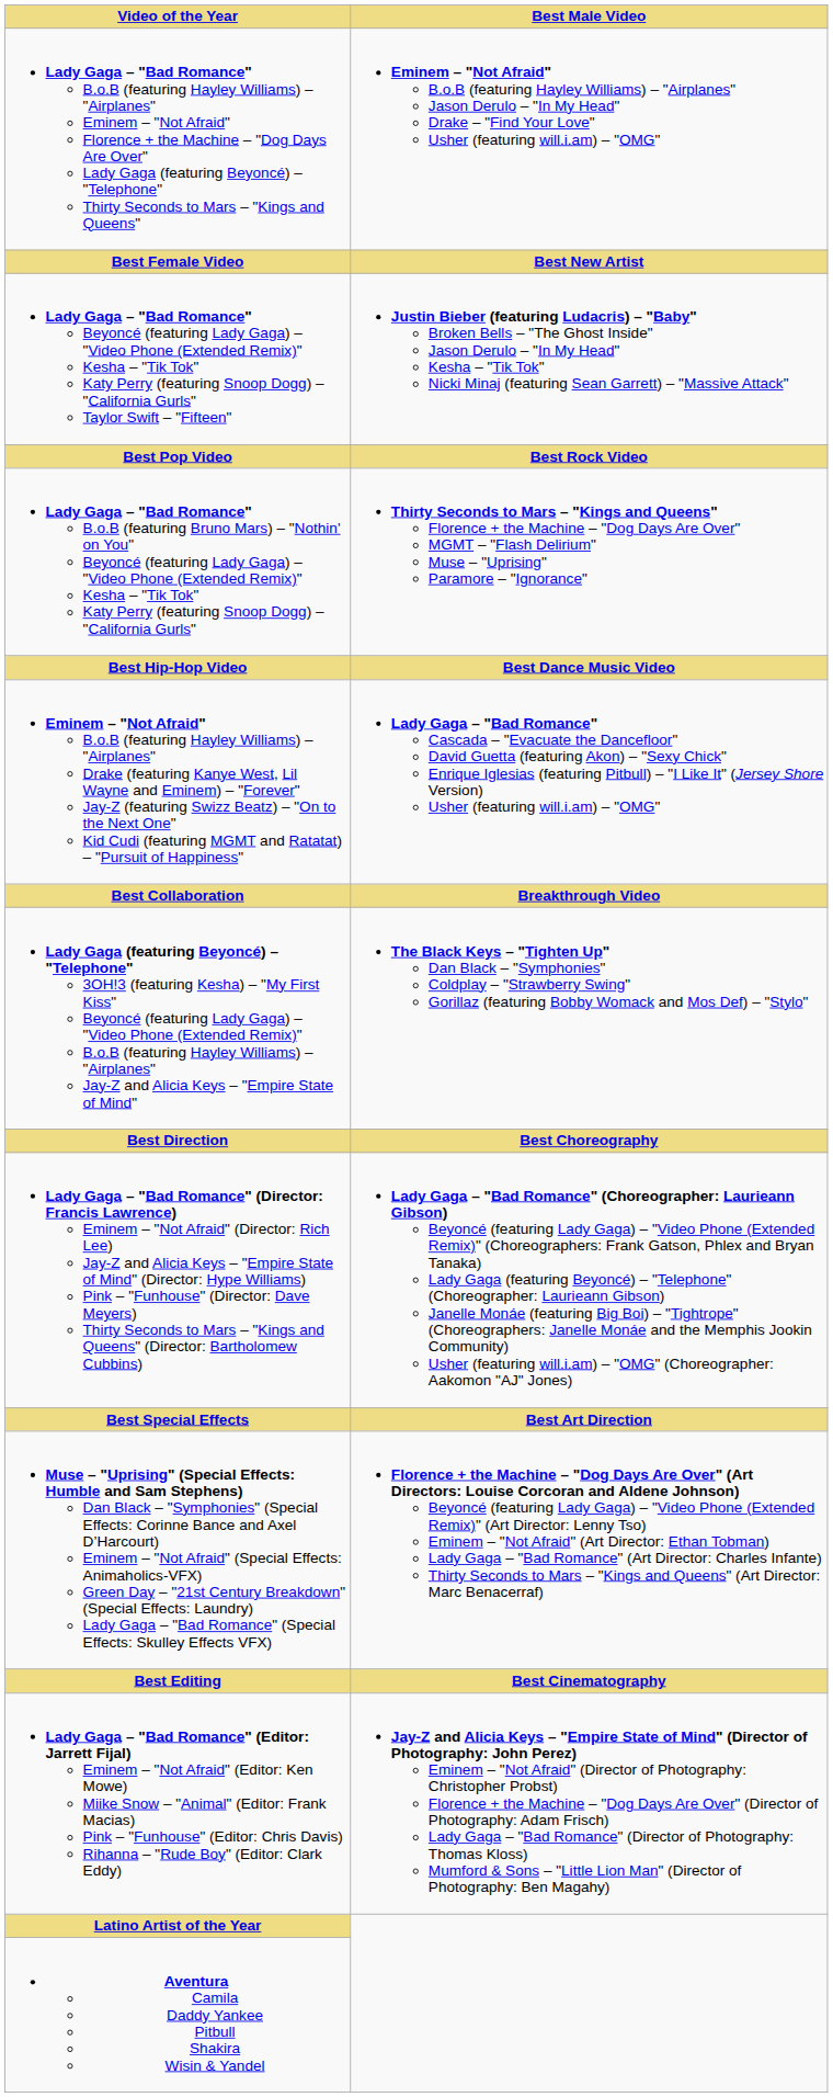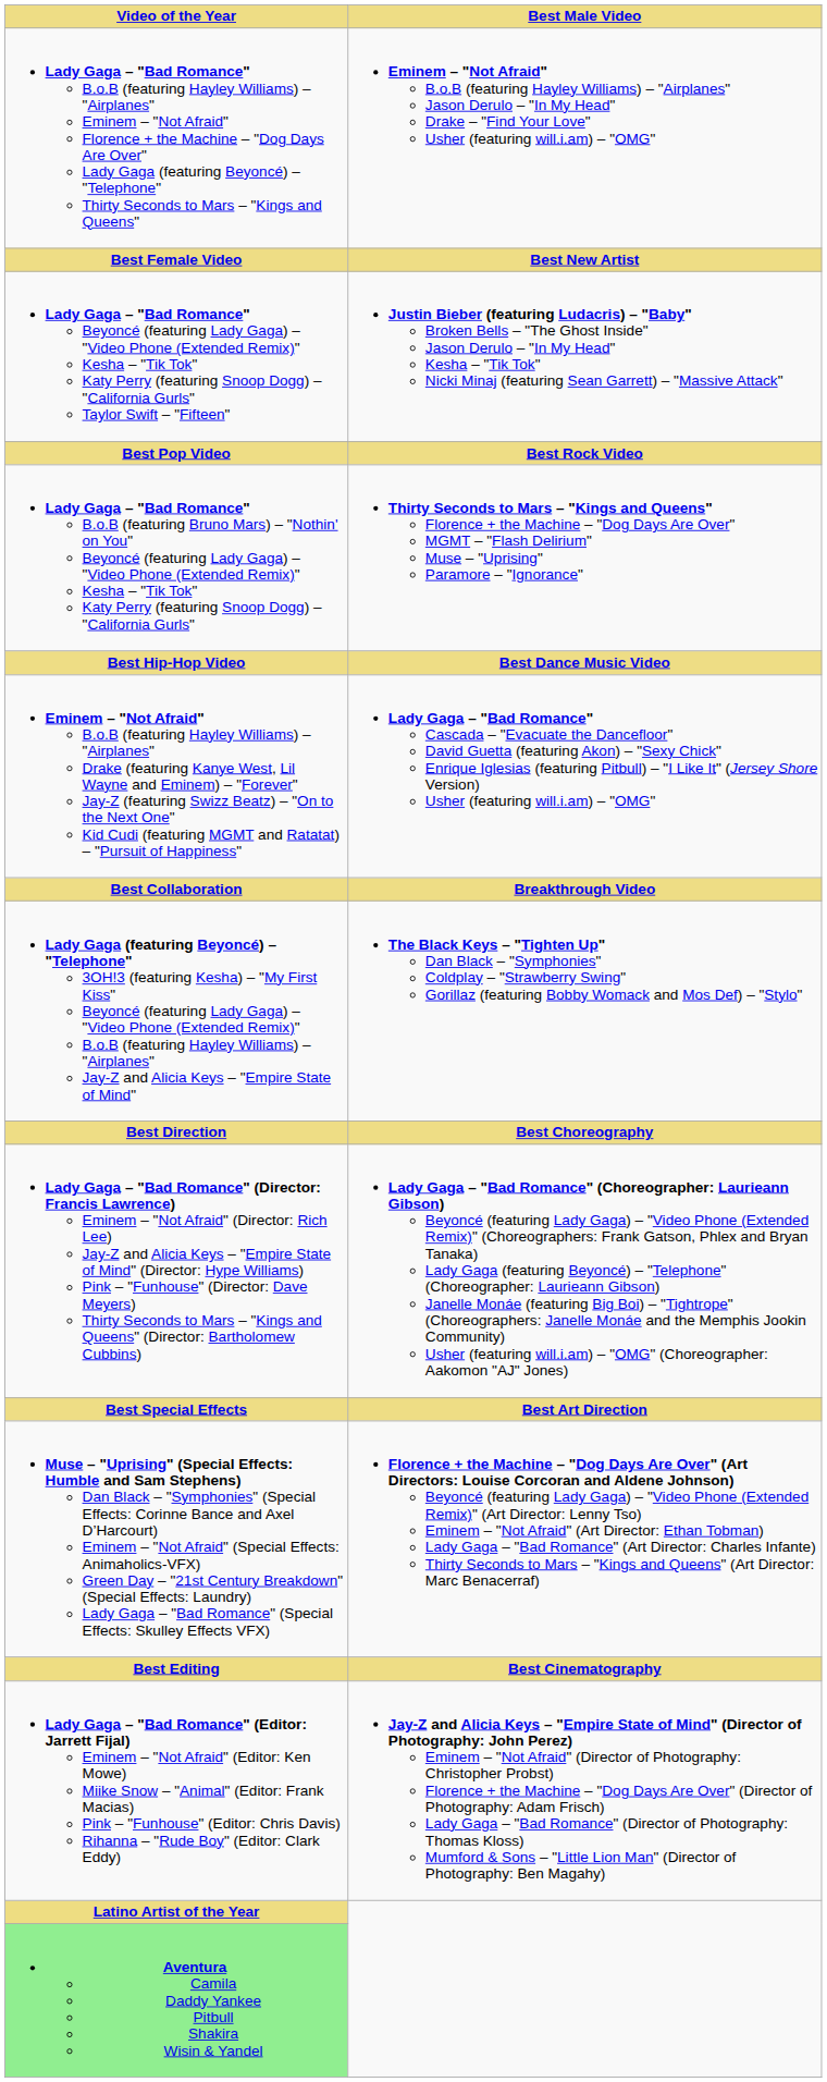 <table class=wikitable style="width:100%">
 <tr>
 <th style="background:#EEDD85; width=50%"><a href='#'>Video of the Year</a></th>
 <th style="background:#EEDD85; width=50%"><a href='#'>Best Male Video</a></th>
 </tr>
 <tr>
 <td valign="top"><br><ul><li><strong><a href='#'>Lady Gaga</a> – "<a href='#'>Bad Romance</a>"</strong><ul><li><a href='#'>B.o.B</a> (featuring <a href='#'>Hayley Williams</a>) – "<a href='#'>Airplanes</a>"</li><li><a href='#'>Eminem</a> – "<a href='#'>Not Afraid</a>"</li><li><a href='#'>Florence + the Machine</a> – "<a href='#'>Dog Days Are Over</a>"</li><li><a href='#'>Lady Gaga</a> (featuring <a href='#'>Beyoncé</a>) – "<a href='#'>Telephone</a>"</li><li><a href='#'>Thirty Seconds to Mars</a> – "<a href='#'>Kings and Queens</a>"</li></ul></li></ul></td>
 <td valign="top"><br><ul><li><strong><a href='#'>Eminem</a> – "<a href='#'>Not Afraid</a>"</strong><ul><li><a href='#'>B.o.B</a> (featuring <a href='#'>Hayley Williams</a>) – "<a href='#'>Airplanes</a>"</li><li><a href='#'>Jason Derulo</a> – "<a href='#'>In My Head</a>"</li><li><a href='#'>Drake</a> – "<a href='#'>Find Your Love</a>"</li><li><a href='#'>Usher</a> (featuring <a href='#'>will.i.am</a>) – "<a href='#'>OMG</a>"</li></ul></li></ul></td>
 </tr>
 <tr>
 <th style="background:#EEDD85; width=50%"><a href='#'>Best Female Video</a></th>
 <th style="background:#EEDD85; width=50%"><a href='#'>Best New Artist</a></th>
 </tr>
 <tr>
 <td valign="top"><br><ul><li><strong><a href='#'>Lady Gaga</a> – "<a href='#'>Bad Romance</a>"</strong><ul><li><a href='#'>Beyoncé</a> (featuring <a href='#'>Lady Gaga</a>) – "<a href='#'>Video Phone (Extended Remix)</a>"</li><li><a href='#'>Kesha</a> – "<a href='#'>Tik Tok</a>"</li><li><a href='#'>Katy Perry</a> (featuring <a href='#'>Snoop Dogg</a>) – "<a href='#'>California Gurls</a>"</li><li><a href='#'>Taylor Swift</a> – "<a href='#'>Fifteen</a>"</li></ul></li></ul></td>
 <td valign="top"><br><ul><li><strong><a href='#'>Justin Bieber</a> (featuring <a href='#'>Ludacris</a>) – "<a href='#'>Baby</a>"</strong><ul><li><a href='#'>Broken Bells</a> – "The Ghost Inside"</li><li><a href='#'>Jason Derulo</a> – "<a href='#'>In My Head</a>"</li><li><a href='#'>Kesha</a> – "<a href='#'>Tik Tok</a>"</li><li><a href='#'>Nicki Minaj</a> (featuring <a href='#'>Sean Garrett</a>) – "<a href='#'>Massive Attack</a>"</li></ul></li></ul></td>
 </tr>
 <tr>
 <th style="background:#EEDD85; width=50%"><a href='#'>Best Pop Video</a></th>
 <th style="background:#EEDD85; width=50%"><a href='#'>Best Rock Video</a></th>
 </tr>
 <tr>
 <td valign="top"><br><ul><li><strong><a href='#'>Lady Gaga</a> – "<a href='#'>Bad Romance</a>"</strong><ul><li><a href='#'>B.o.B</a> (featuring <a href='#'>Bruno Mars</a>) – "<a href='#'>Nothin' on You</a>"</li><li><a href='#'>Beyoncé</a> (featuring <a href='#'>Lady Gaga</a>) – "<a href='#'>Video Phone (Extended Remix)</a>"</li><li><a href='#'>Kesha</a> – "<a href='#'>Tik Tok</a>"</li><li><a href='#'>Katy Perry</a> (featuring <a href='#'>Snoop Dogg</a>) – "<a href='#'>California Gurls</a>"</li></ul></li></ul></td>
 <td valign="top"><br><ul><li><strong><a href='#'>Thirty Seconds to Mars</a> – "<a href='#'>Kings and Queens</a>"</strong><ul><li><a href='#'>Florence + the Machine</a> – "<a href='#'>Dog Days Are Over</a>"</li><li><a href='#'>MGMT</a> – "<a href='#'>Flash Delirium</a>"</li><li><a href='#'>Muse</a> – "<a href='#'>Uprising</a>"</li><li><a href='#'>Paramore</a> – "<a href='#'>Ignorance</a>"</li></ul></li></ul></td>
 </tr>
 <tr>
 <th style="background:#EEDD85; width=50%"><a href='#'>Best Hip-Hop Video</a></th>
 <th style="background:#EEDD85; width=50%"><a href='#'>Best Dance Music Video</a></th>
 </tr>
 <tr>
 <td valign="top"><br><ul><li><strong><a href='#'>Eminem</a> – "<a href='#'>Not Afraid</a>"</strong><ul><li><a href='#'>B.o.B</a> (featuring <a href='#'>Hayley Williams</a>) – "<a href='#'>Airplanes</a>"</li><li><a href='#'>Drake</a> (featuring <a href='#'>Kanye West</a>, <a href='#'>Lil Wayne</a> and <a href='#'>Eminem</a>) – "<a href='#'>Forever</a>"</li><li><a href='#'>Jay-Z</a> (featuring <a href='#'>Swizz Beatz</a>) – "<a href='#'>On to the Next One</a>"</li><li><a href='#'>Kid Cudi</a> (featuring <a href='#'>MGMT</a> and <a href='#'>Ratatat</a>) – "<a href='#'>Pursuit of Happiness</a>"</li></ul></li></ul></td>
 <td valign="top"><br><ul><li><strong><a href='#'>Lady Gaga</a> – "<a href='#'>Bad Romance</a>"</strong><ul><li><a href='#'>Cascada</a> – "<a href='#'>Evacuate the Dancefloor</a>"</li><li><a href='#'>David Guetta</a> (featuring <a href='#'>Akon</a>) – "<a href='#'>Sexy Chick</a>"</li><li><a href='#'>Enrique Iglesias</a> (featuring <a href='#'>Pitbull</a>) – "<a href='#'>I Like It</a>" (<em><a href='#'>Jersey Shore</a></em> Version)</li><li><a href='#'>Usher</a> (featuring <a href='#'>will.i.am</a>) – "<a href='#'>OMG</a>"</li></ul></li></ul></td>
 </tr>
 <tr>
 <th style="background:#EEDD85; width=50%"><a href='#'>Best Collaboration</a></th>
 <th style="background:#EEDD85; width=50%"><a href='#'>Breakthrough Video</a></th>
 </tr>
 <tr>
 <td valign="top"><br><ul><li><strong> <a href='#'>Lady Gaga</a> (featuring <a href='#'>Beyoncé</a>) – "<a href='#'>Telephone</a>"</strong><ul><li><a href='#'>3OH!3</a> (featuring <a href='#'>Kesha</a>) – "<a href='#'>My First Kiss</a>"</li><li><a href='#'>Beyoncé</a> (featuring <a href='#'>Lady Gaga</a>) – "<a href='#'>Video Phone (Extended Remix)</a>"</li><li><a href='#'>B.o.B</a> (featuring <a href='#'>Hayley Williams</a>) – "<a href='#'>Airplanes</a>"</li><li><a href='#'>Jay-Z</a> and <a href='#'>Alicia Keys</a> – "<a href='#'>Empire State of Mind</a>"</li></ul></li></ul></td>
 <td valign="top"><br><ul><li><strong><a href='#'>The Black Keys</a> – "<a href='#'>Tighten Up</a>"</strong><ul><li><a href='#'>Dan Black</a> – "<a href='#'>Symphonies</a>"</li><li><a href='#'>Coldplay</a> – "<a href='#'>Strawberry Swing</a>"</li><li><a href='#'>Gorillaz</a> (featuring <a href='#'>Bobby Womack</a> and <a href='#'>Mos Def</a>) – "<a href='#'>Stylo</a>"</li></ul></li></ul></td>
 </tr>
 <tr>
 <th style="background:#EEDD85; width=50%"><a href='#'>Best Direction</a></th>
 <th style="background:#EEDD85; width=50%"><a href='#'>Best Choreography</a></th>
 </tr>
 <tr>
 <td valign="top"><br><ul><li><strong><a href='#'>Lady Gaga</a> – "<a href='#'>Bad Romance</a>" (Director: <a href='#'>Francis Lawrence</a>)</strong><ul><li><a href='#'>Eminem</a> – "<a href='#'>Not Afraid</a>" (Director: <a href='#'>Rich Lee</a>)</li><li><a href='#'>Jay-Z</a> and <a href='#'>Alicia Keys</a> – "<a href='#'>Empire State of Mind</a>" (Director: <a href='#'>Hype Williams</a>)</li><li><a href='#'>Pink</a> – "<a href='#'>Funhouse</a>" (Director: <a href='#'>Dave Meyers</a>)</li><li><a href='#'>Thirty Seconds to Mars</a> – "<a href='#'>Kings and Queens</a>" (Director: <a href='#'>Bartholomew Cubbins</a>)</li></ul></li></ul></td>
 <td valign="top"><br><ul><li><strong><a href='#'>Lady Gaga</a> – "<a href='#'>Bad Romance</a>" (Choreographer: <a href='#'>Laurieann Gibson</a>)</strong><ul><li><a href='#'>Beyoncé</a> (featuring <a href='#'>Lady Gaga</a>) – "<a href='#'>Video Phone (Extended Remix)</a>" (Choreographers: Frank Gatson, Phlex and Bryan Tanaka)</li><li><a href='#'>Lady Gaga</a> (featuring <a href='#'>Beyoncé</a>) – "<a href='#'>Telephone</a>" (Choreographer: <a href='#'>Laurieann Gibson</a>)</li><li><a href='#'>Janelle Monáe</a> (featuring <a href='#'>Big Boi</a>) – "<a href='#'>Tightrope</a>" (Choreographers: <a href='#'>Janelle Monáe</a> and the Memphis Jookin Community)</li><li><a href='#'>Usher</a> (featuring <a href='#'>will.i.am</a>) – "<a href='#'>OMG</a>" (Choreographer: Aakomon "AJ" Jones)</li></ul></li></ul></td>
 </tr>
 <tr>
 <th style="background:#EEDD85; width=50%"><a href='#'>Best Special Effects</a></th>
 <th style="background:#EEDD85; width=50%"><a href='#'>Best Art Direction</a></th>
 </tr>
 <tr>
 <td valign="top"><br><ul><li><strong><a href='#'>Muse</a> – "<a href='#'>Uprising</a>" (Special Effects: <a href='#'>Humble</a> and Sam Stephens)</strong><ul><li><a href='#'>Dan Black</a> – "<a href='#'>Symphonies</a>" (Special Effects: Corinne Bance and Axel D’Harcourt)</li><li><a href='#'>Eminem</a> – "<a href='#'>Not Afraid</a>" (Special Effects: Animaholics-VFX)</li><li><a href='#'>Green Day</a> – "<a href='#'>21st Century Breakdown</a>" (Special Effects: Laundry)</li><li><a href='#'>Lady Gaga</a> – "<a href='#'>Bad Romance</a>" (Special Effects: Skulley Effects VFX)</li></ul></li></ul></td>
 <td valign="top"><br><ul><li><strong><a href='#'>Florence + the Machine</a> – "<a href='#'>Dog Days Are Over</a>" (Art Directors: Louise Corcoran and Aldene Johnson)</strong><ul><li><a href='#'>Beyoncé</a> (featuring <a href='#'>Lady Gaga</a>) – "<a href='#'>Video Phone (Extended Remix)</a>" (Art Director: Lenny Tso)</li><li><a href='#'>Eminem</a> – "<a href='#'>Not Afraid</a>" (Art Director: <a href='#'>Ethan Tobman</a>)</li><li><a href='#'>Lady Gaga</a> – "<a href='#'>Bad Romance</a>" (Art Director: Charles Infante)</li><li><a href='#'>Thirty Seconds to Mars</a> – "<a href='#'>Kings and Queens</a>" (Art Director: Marc Benacerraf)</li></ul></li></ul></td>
 </tr>
 <tr>
 <th style="background:#EEDD82; width=50%"><a href='#'>Best Editing</a></th>
 <th style="background:#EEDD85; width=50%"><a href='#'>Best Cinematography</a></th>
 </tr>
 <tr>
 <td valign="top"><br><ul><li><strong><a href='#'>Lady Gaga</a> – "<a href='#'>Bad Romance</a>" (Editor: Jarrett Fijal)</strong><ul><li><a href='#'>Eminem</a> – "<a href='#'>Not Afraid</a>" (Editor: Ken Mowe)</li><li><a href='#'>Miike Snow</a> – "<a href='#'>Animal</a>" (Editor: Frank Macias)</li><li><a href='#'>Pink</a> – "<a href='#'>Funhouse</a>" (Editor: Chris Davis)</li><li><a href='#'>Rihanna</a> – "<a href='#'>Rude Boy</a>" (Editor: Clark Eddy)</li></ul></li></ul></td>
 <td valign="top"><br><ul><li><strong><a href='#'>Jay-Z</a> and <a href='#'>Alicia Keys</a> – "<a href='#'>Empire State of Mind</a>" (Director of Photography: John Perez)</strong><ul><li><a href='#'>Eminem</a> – "<a href='#'>Not Afraid</a>" (Director of Photography: Christopher Probst)</li><li><a href='#'>Florence + the Machine</a> – "<a href='#'>Dog Days Are Over</a>" (Director of Photography: Adam Frisch)</li><li><a href='#'>Lady Gaga</a> – "<a href='#'>Bad Romance</a>" (Director of Photography: Thomas Kloss)</li><li><a href='#'>Mumford & Sons</a> – "<a href='#'>Little Lion Man</a>" (Director of Photography: Ben Magahy)</li></ul></li></ul></td>
 </tr>
 <tr>
 <th style="background:#EEDD82; width=50%"><a href='#'>Latino Artist of the Year</a></th>
 </tr>
 <tr>
-<td scope="row" style="text-align: center;"><br><ul><li><strong><a href='#'>Aventura</a></strong><ul><li><a href='#'>Camila</a></li><li><a href='#'>Daddy Yankee</a></li><li><a href='#'>Pitbull</a></li><li><a href='#'>Shakira</a></li><li><a href='#'>Wisin & Yandel</a></li></ul></li></ul></td>
+<td scope="row" style="background: lightgreen; text-align: center;"><br><ul><li><strong><a href='#'>Aventura</a></strong><ul><li><a href='#'>Camila</a></li><li><a href='#'>Daddy Yankee</a></li><li><a href='#'>Pitbull</a></li><li><a href='#'>Shakira</a></li><li><a href='#'>Wisin & Yandel</a></li></ul></li></ul></td>
 </tr>
 </table>
